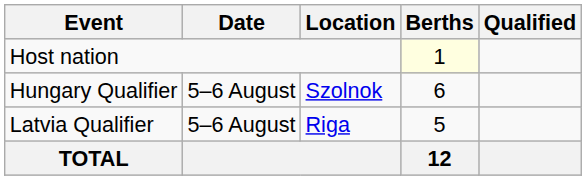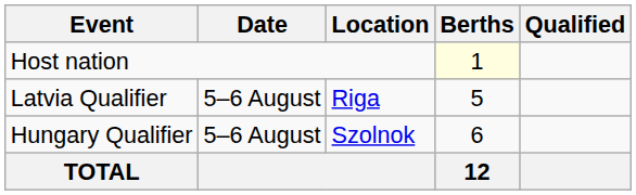 <table class="wikitable " style="font-size:95%;">
 <tr>
 <th>Event</th>
 <th>Date</th>
 <th>Location</th>
 <th>Berths</th>
 <th>Qualified</th>
 </tr>
 <tr>
 <td colspan=3>Host nation</td>
 <td align=center style="background: lightyellow;">1</td>
 <td></td>
 </tr>
 <tr>
+<td>Latvia Qualifier</td>
+<td>5–6 August</td>
+<td> <a href='#'>Riga</a></td>
+<td align=center>5</td>
+<td></td>
+</tr>
+<tr>
 <td>Hungary Qualifier</td>
 <td>5–6 August</td>
 <td> <a href='#'>Szolnok</a></td>
 <td align=center>6</td>
-<td></td>
-</tr>
-<tr>
-<td>Latvia Qualifier</td>
-<td>5–6 August</td>
-<td> <a href='#'>Riga</a></td>
-<td align=center>5</td>
 <td></td>
 </tr>
 <tr>
 <th>TOTAL</th>
 <th colspan="2"></th>
 <th>12</th>
 <th></th>
 </tr>
 </table>
